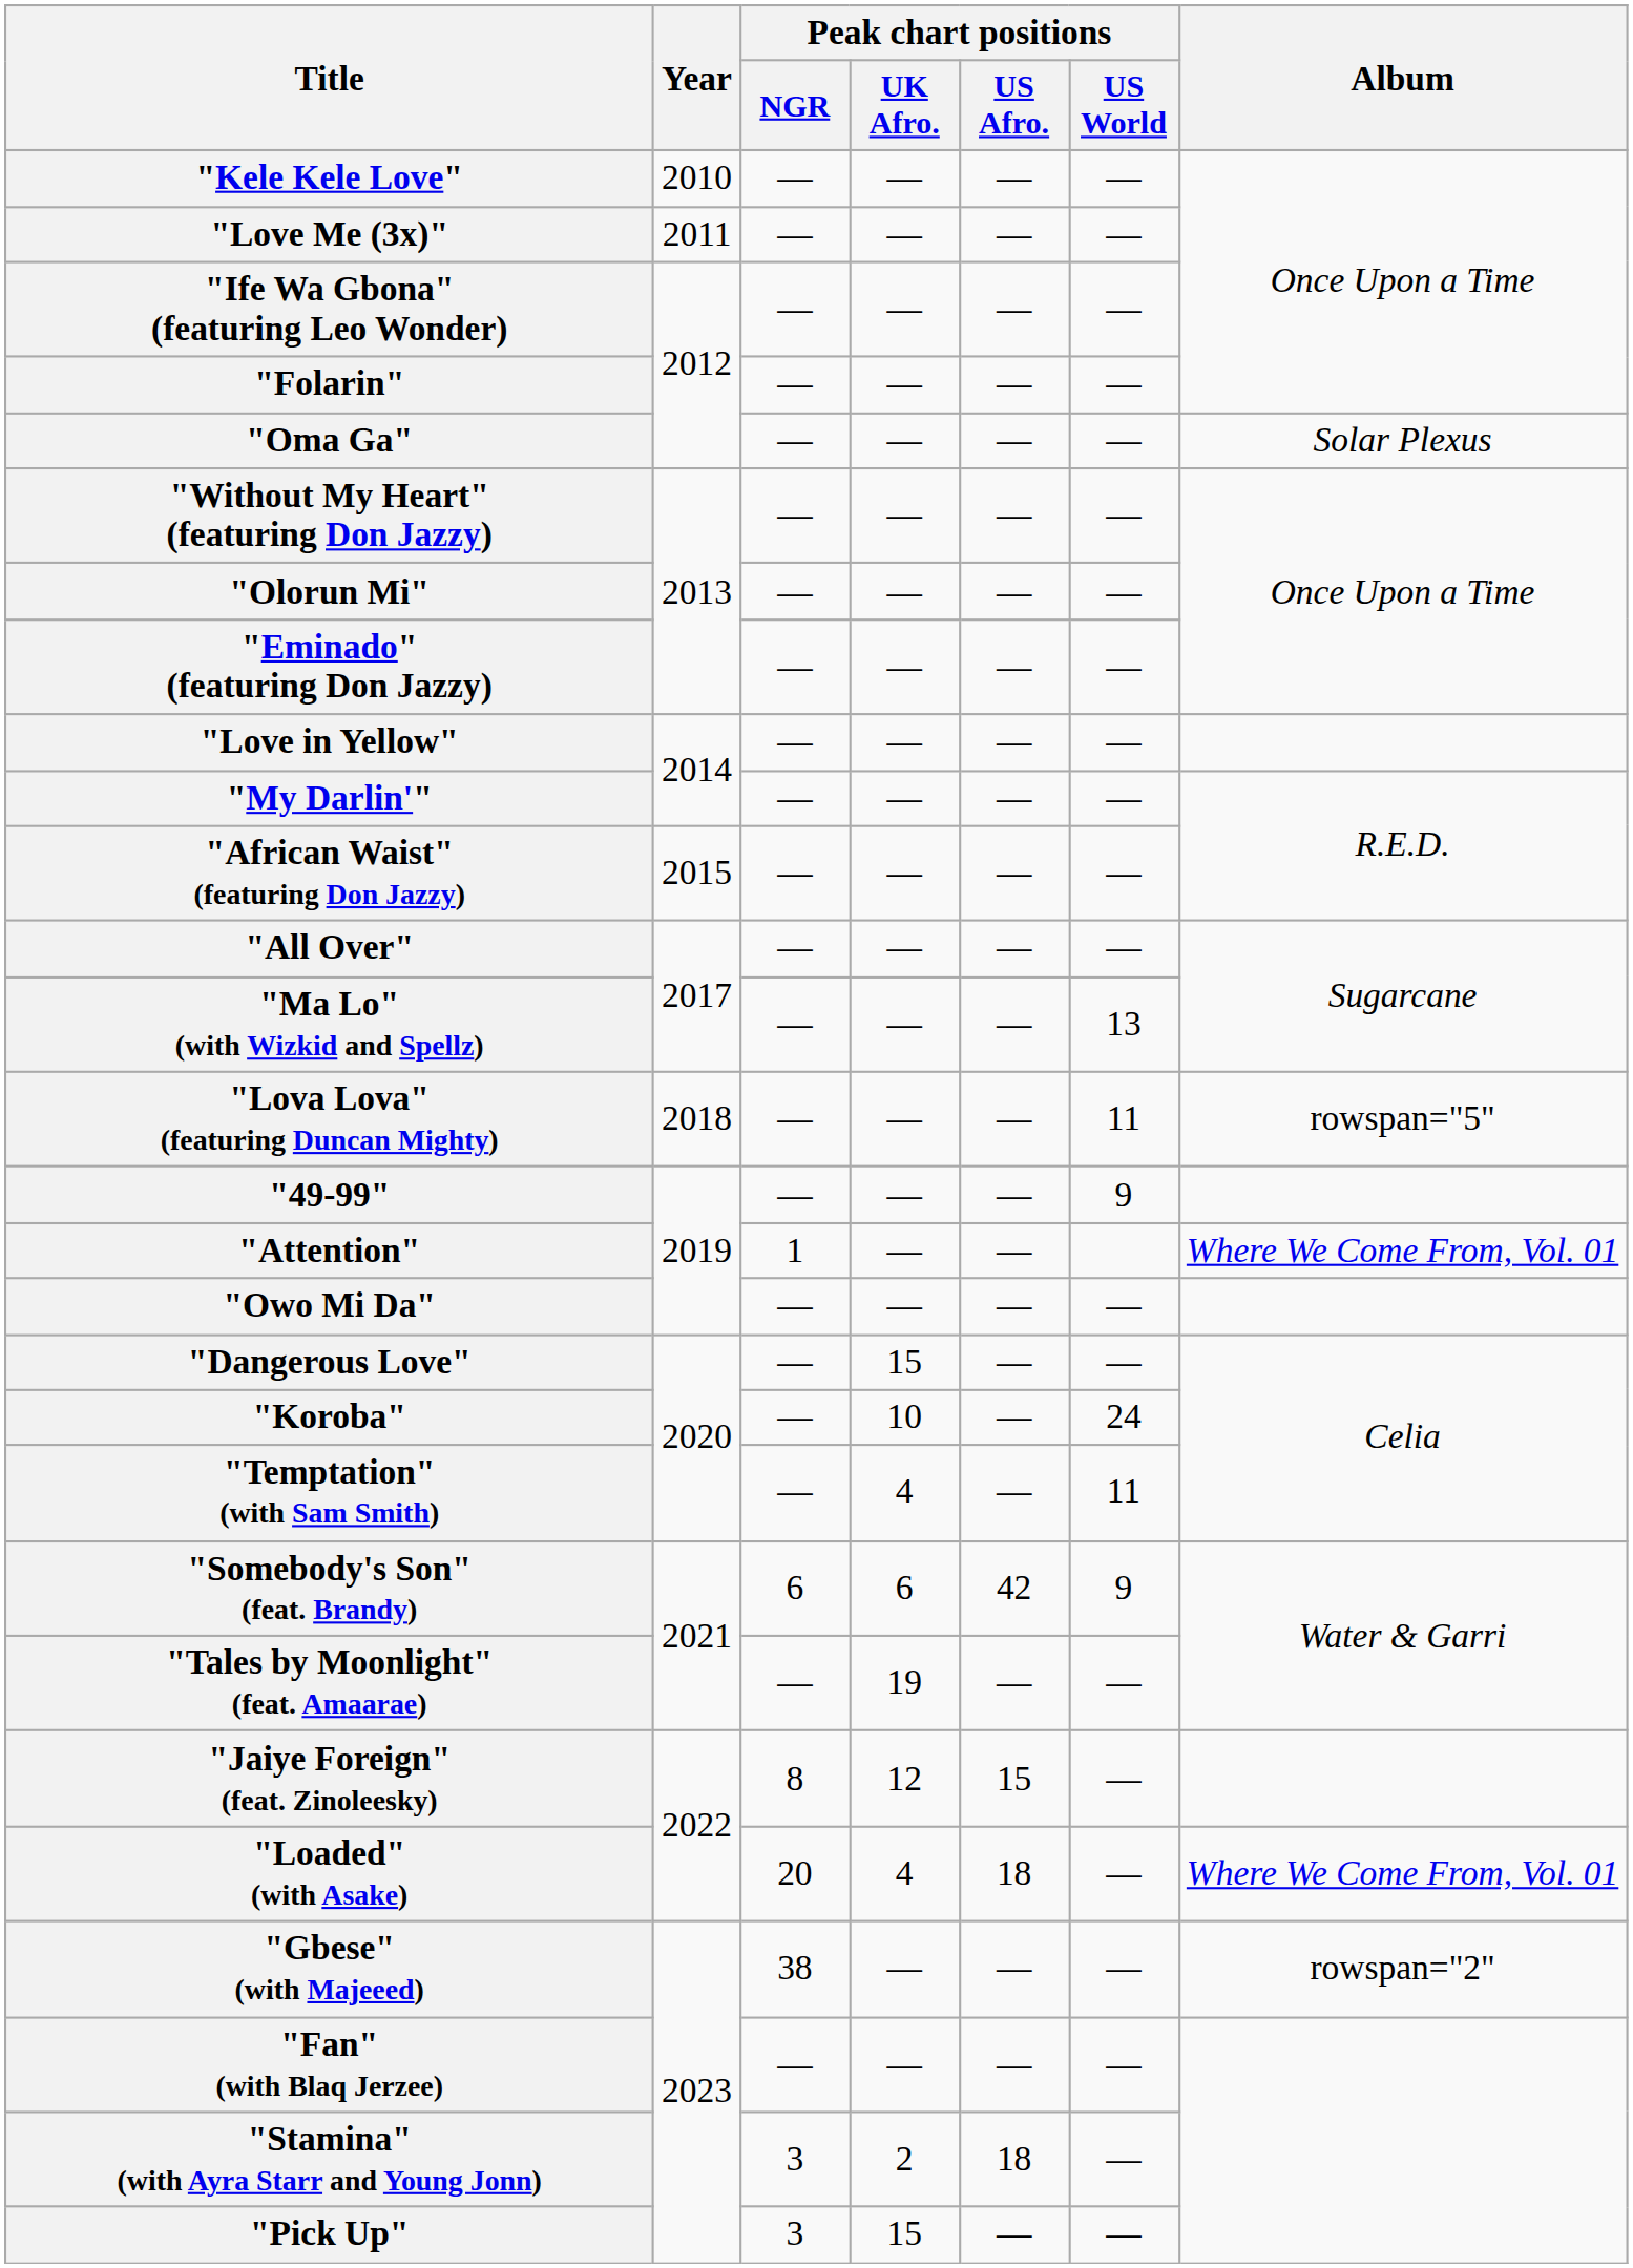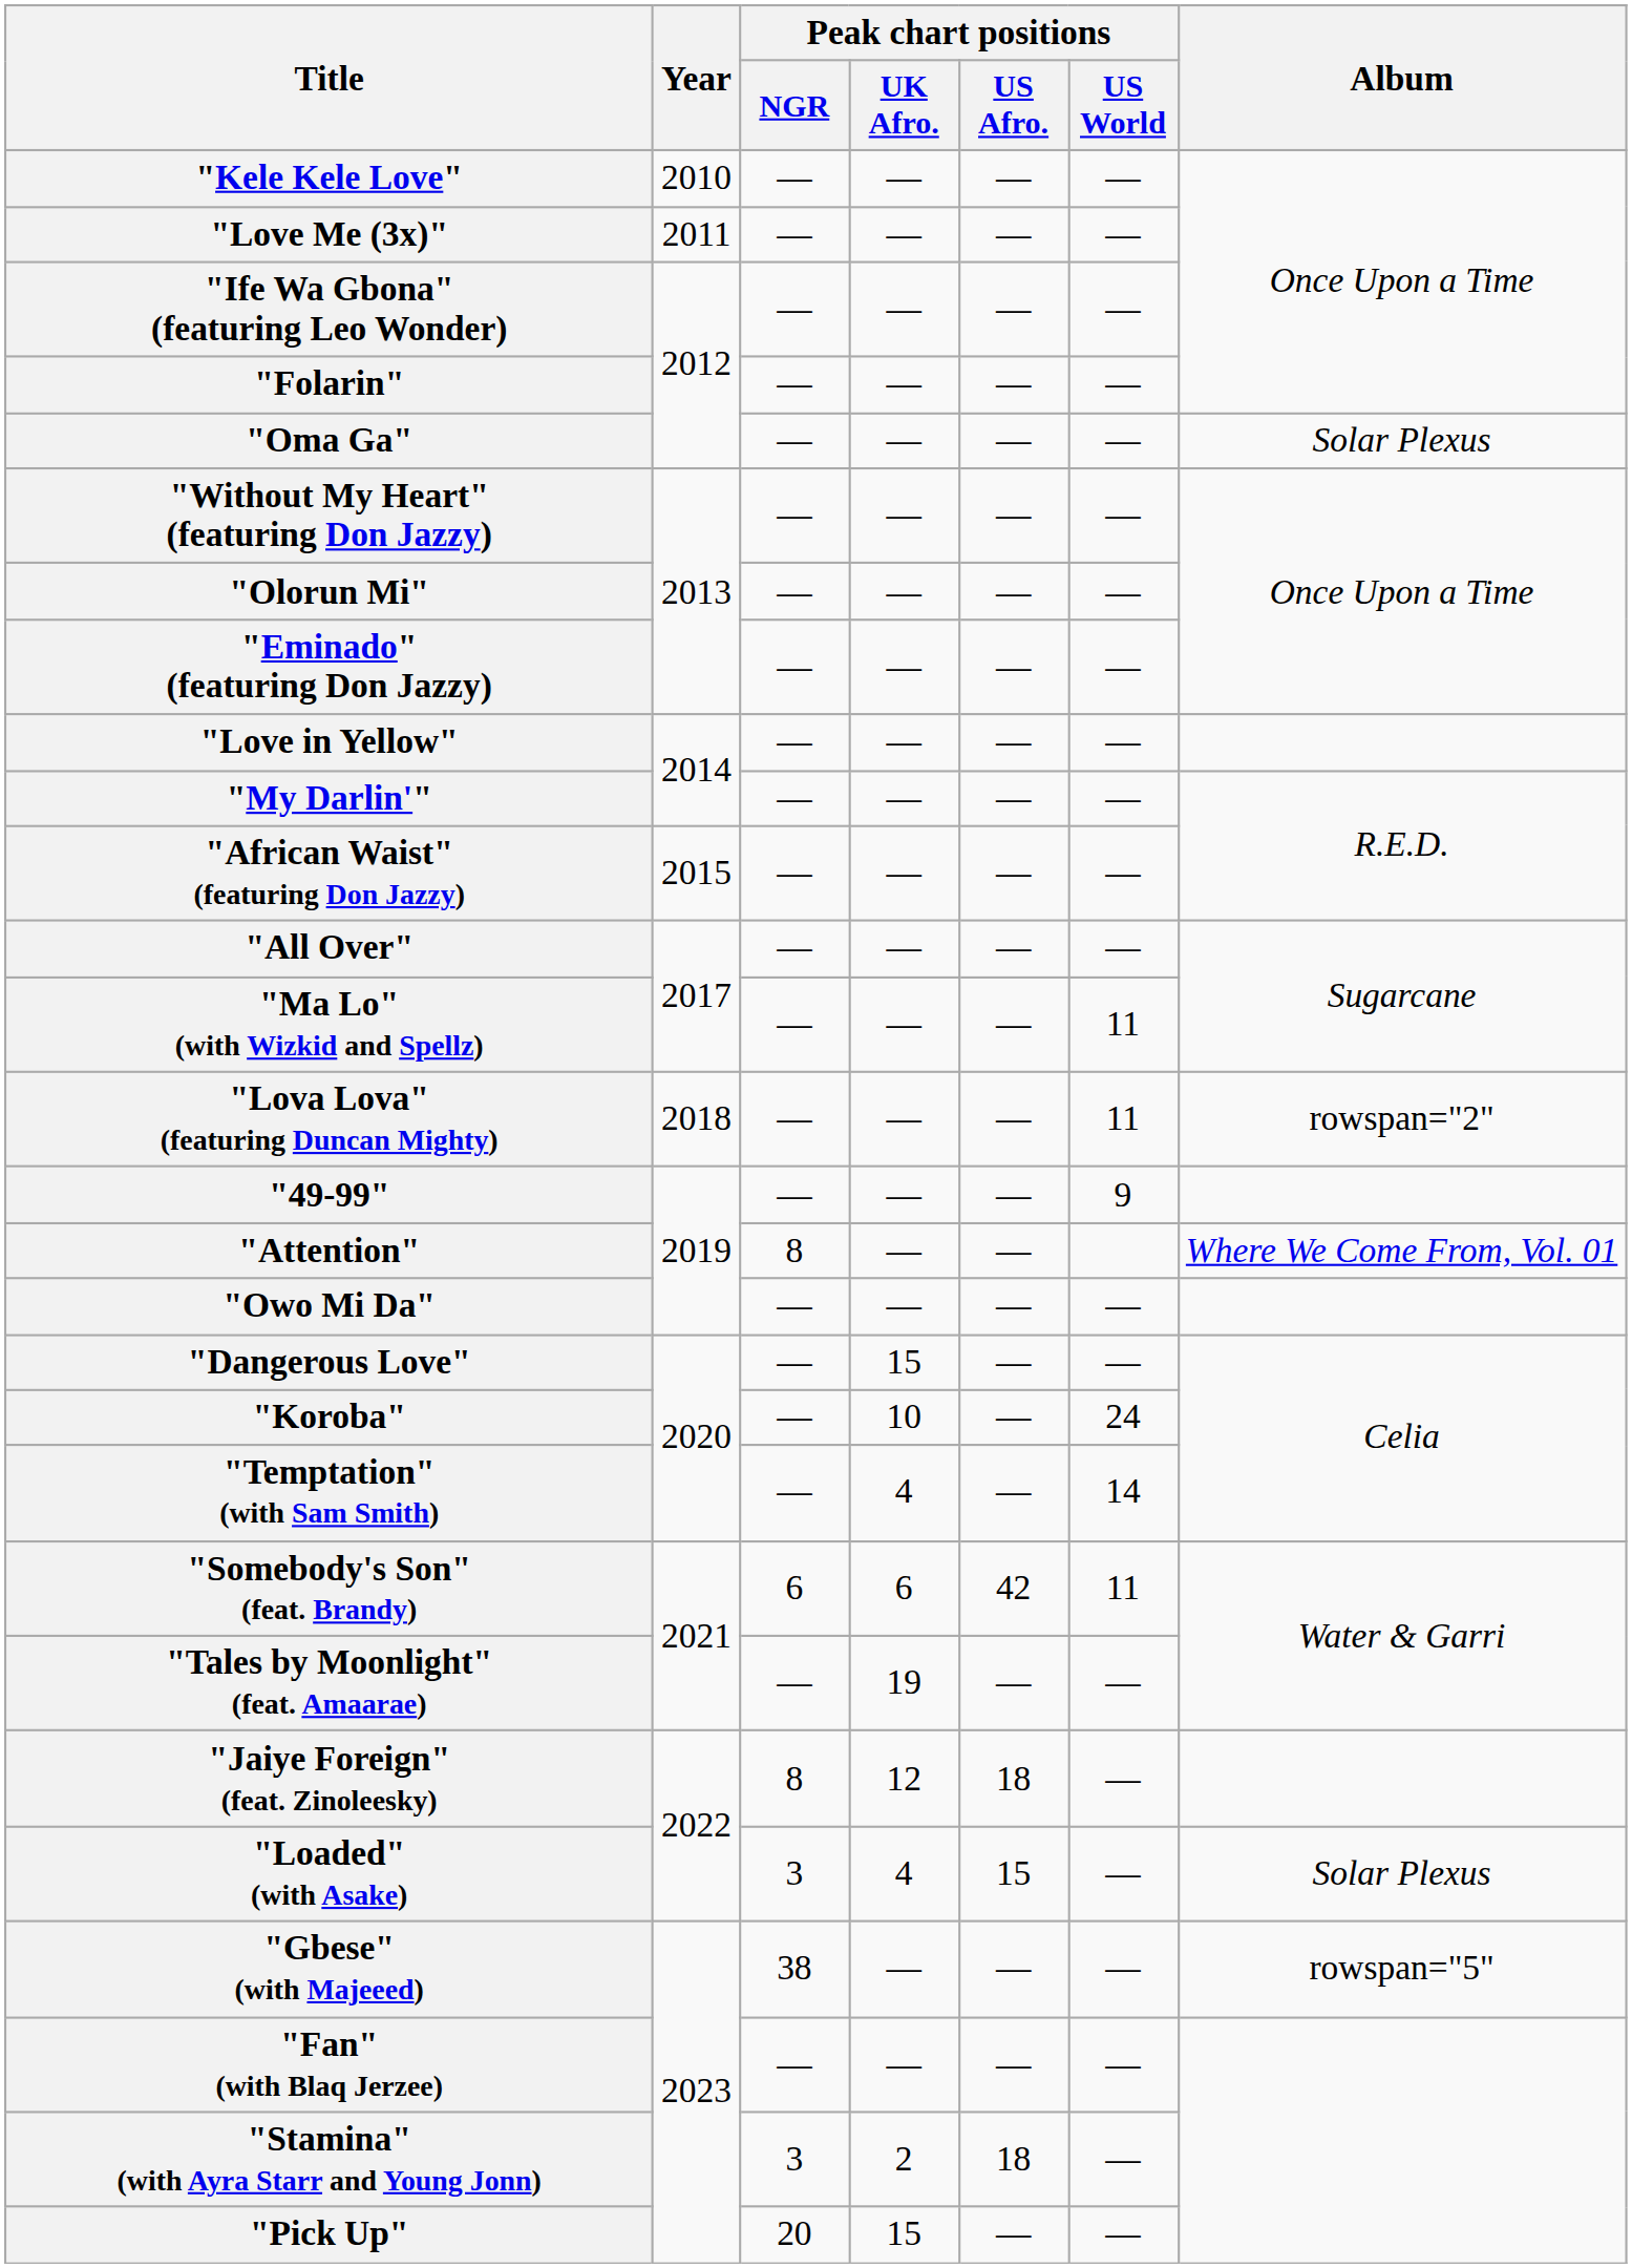 <table class="wikitable plainrowheaders" style="text-align:center;" border="1">
 <tr>
 <th scope="col" rowspan="2" style="width:18em;">Title</th>
 <th scope="col" rowspan="2">Year</th>
 <th colspan="4" scope="col">Peak chart positions</th>
 <th scope="col" rowspan="2">Album</th>
 </tr>
 <tr>
 <th scope="col" style="width:3em;font-size:90%;"><a href='#'>NGR</a><br></th>
 <th scope="col" style="width:3em;font-size:90%;"><a href='#'>UK<br>Afro.</a><br></th>
 <th scope="col" style="width:3em;font-size:90%;"><a href='#'>US<br>Afro.</a><br></th>
 <th scope="col" style="width:3em;font-size:90%;"><a href='#'>US<br>World</a><br></th>
 </tr>
 <tr>
 <th scope="row">"<a href='#'>Kele Kele Love</a>"</th>
 <td>2010</td>
 <td>—</td>
 <td>—</td>
 <td>—</td>
 <td>—</td>
 <td rowspan="4"><em>Once Upon a Time</em></td>
 </tr>
 <tr>
 <th scope="row">"Love Me (3x)"</th>
 <td>2011</td>
 <td>—</td>
 <td>—</td>
 <td>—</td>
 <td>—</td>
 </tr>
 <tr>
 <th scope="row">"Ife Wa Gbona"<br><span>(featuring Leo Wonder)</span></th>
 <td rowspan="3">2012</td>
 <td>—</td>
 <td>—</td>
 <td>—</td>
 <td>—</td>
 </tr>
 <tr>
 <th scope="row">"Folarin"</th>
 <td>—</td>
 <td>—</td>
 <td>—</td>
 <td>—</td>
 </tr>
 <tr>
 <th scope="row">"Oma Ga"</th>
 <td>—</td>
 <td>—</td>
 <td>—</td>
 <td>—</td>
 <td><em>Solar Plexus</em></td>
 </tr>
 <tr>
 <th scope="row">"Without My Heart" <br><span>(featuring <a href='#'>Don Jazzy</a>)</span></th>
 <td rowspan="3">2013</td>
 <td>—</td>
 <td>—</td>
 <td>—</td>
 <td>—</td>
 <td rowspan="3"><em>Once Upon a Time</em></td>
 </tr>
 <tr>
 <th scope="row">"Olorun Mi"</th>
 <td>—</td>
 <td>—</td>
 <td>—</td>
 <td>—</td>
 </tr>
 <tr>
 <th scope="row">"<a href='#'>Eminado</a>" <br><span>(featuring Don Jazzy)</span></th>
 <td>—</td>
 <td>—</td>
 <td>—</td>
 <td>—</td>
 </tr>
 <tr>
 <th scope="row">"Love in Yellow"</th>
 <td rowspan=2>2014</td>
 <td>—</td>
 <td>—</td>
 <td>—</td>
 <td>—</td>
 <td></td>
 </tr>
 <tr>
 <th scope="row">"<a href='#'>My Darlin'</a>"</th>
 <td>—</td>
 <td>—</td>
 <td>—</td>
 <td>—</td>
 <td rowspan="2"><em>R.E.D.</em></td>
 </tr>
 <tr>
 <th scope="row">"African Waist"<br><small>(featuring <a href='#'>Don Jazzy</a>)</small></th>
 <td>2015</td>
 <td>—</td>
 <td>—</td>
 <td>—</td>
 <td>—</td>
 </tr>
 <tr>
 <th scope="row">"All Over"</th>
 <td rowspan="2">2017</td>
 <td>—</td>
 <td>—</td>
 <td>—</td>
 <td>—</td>
 <td rowspan="2"><em>Sugarcane</em></td>
 </tr>
 <tr>
 <th scope="row">"Ma Lo"<br><small>(with <a href='#'>Wizkid</a> and <a href='#'>Spellz</a>)</small></th>
 <td>—</td>
 <td>—</td>
 <td>—</td>
-<td>13</td>
+<td>11</td>
 </tr>
 <tr>
 <th scope="row">"Lova Lova"<br><small>(featuring <a href='#'>Duncan Mighty</a>)</small></th>
 <td>2018</td>
 <td>—</td>
 <td>—</td>
 <td>—</td>
 <td>11</td>
-<td>rowspan="5" </td>
+<td>rowspan="2" </td>
 </tr>
 <tr>
 <th scope="row">"49-99"</th>
 <td rowspan="3">2019</td>
 <td>—</td>
 <td>—</td>
 <td>—</td>
 <td>9</td>
 </tr>
 <tr>
 <th scope="row">"Attention"</th>
-<td>1</td>
+<td>8</td>
 <td>—</td>
 <td>—</td>
 <td></td>
 <td><em><a href='#'>Where We Come From, Vol. 01</a></em></td>
 </tr>
 <tr>
 <th scope="row">"Owo Mi Da"</th>
 <td>—</td>
 <td>—</td>
 <td>—</td>
 <td>—</td>
 <td></td>
 </tr>
 <tr>
 <th scope="row">"Dangerous Love"</th>
 <td rowspan="3">2020</td>
 <td>—</td>
 <td>15</td>
 <td>—</td>
 <td>—</td>
 <td rowspan="3"><em>Celia</em></td>
 </tr>
 <tr>
 <th scope="row">"Koroba"</th>
 <td>—</td>
 <td>10</td>
 <td>—</td>
 <td>24</td>
 </tr>
 <tr>
 <th scope="row">"Temptation"<br><small>(with <a href='#'>Sam Smith</a>)</small></th>
 <td>—</td>
 <td>4</td>
 <td>—</td>
-<td>11</td>
+<td>14</td>
 </tr>
 <tr>
 <th scope="row">"Somebody's Son"<br><small>(feat. <a href='#'>Brandy</a>)</small></th>
 <td rowspan="2">2021</td>
 <td>6</td>
 <td>6</td>
 <td>42</td>
-<td>9</td>
+<td>11</td>
 <td rowspan="2"><em>Water & Garri</em></td>
 </tr>
 <tr>
 <th scope="row">"Tales by Moonlight"<br><small>(feat. <a href='#'>Amaarae</a>)</small></th>
 <td>—</td>
 <td>19</td>
 <td>—</td>
 <td>—</td>
 </tr>
 <tr>
 <th scope="row">"Jaiye Foreign"<br><small>(feat. Zinoleesky)</small></th>
 <td rowspan="2">2022</td>
 <td>8</td>
 <td>12</td>
-<td>15</td>
+<td>18</td>
 <td>—</td>
 <td></td>
 </tr>
 <tr>
 <th scope="row">"Loaded"<br><small>(with <a href='#'>Asake</a>)</small></th>
-<td>20</td>
+<td>3</td>
 <td>4</td>
-<td>18</td>
+<td>15</td>
 <td>—</td>
-<td><em><a href='#'>Where We Come From, Vol. 01</a></em></td>
+<td><em>Solar Plexus</em></td>
 </tr>
 <tr>
 <th scope="row">"Gbese"<br><small>(with <a href='#'>Majeeed</a>)</small></th>
 <td rowspan="4">2023</td>
 <td>38</td>
 <td>—</td>
 <td>—</td>
 <td>—</td>
-<td>rowspan="2" </td>
+<td>rowspan="5" </td>
 </tr>
 <tr>
 <th scope="row">"Fan"<br><small>(with Blaq Jerzee)</small></th>
 <td>—</td>
 <td>—</td>
 <td>—</td>
 <td>—</td>
 </tr>
 <tr>
 <th scope="row">"Stamina"<br><small>(with <a href='#'>Ayra Starr</a> and <a href='#'>Young Jonn</a>)</small></th>
 <td>3</td>
 <td>2</td>
 <td>18</td>
 <td>—</td>
 </tr>
 <tr>
 <th scope="row">"Pick Up"</th>
-<td>3</td>
+<td>20</td>
 <td>15</td>
 <td>—</td>
 <td>—</td>
 </tr>
 </table>
